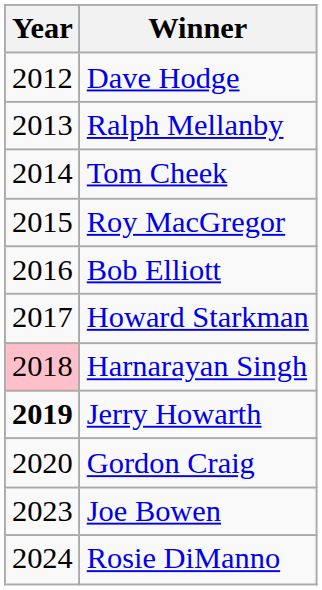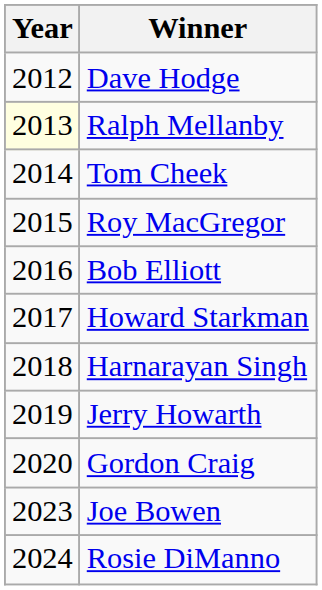 <table class="wikitable sortable">
 <tr>
 <th>Year</th>
 <th>Winner</th>
 </tr>
 <tr>
 <td>2012</td>
 <td><a href='#'>Dave Hodge</a></td>
 </tr>
 <tr>
-<td>2013</td>
+<td style="background: lightyellow;">2013</td>
 <td><a href='#'>Ralph Mellanby</a></td>
 </tr>
 <tr>
 <td>2014</td>
 <td><a href='#'>Tom Cheek</a></td>
 </tr>
 <tr>
 <td>2015</td>
 <td><a href='#'>Roy MacGregor</a></td>
 </tr>
 <tr>
 <td>2016</td>
 <td><a href='#'>Bob Elliott</a></td>
 </tr>
 <tr>
 <td>2017</td>
 <td><a href='#'>Howard Starkman</a></td>
 </tr>
 <tr>
-<td style="background: pink;">2018</td>
+<td>2018</td>
 <td><a href='#'>Harnarayan Singh</a></td>
 </tr>
 <tr>
-<td><strong>2019</strong></td>
+<td>2019</td>
 <td><a href='#'>Jerry Howarth</a></td>
 </tr>
 <tr>
 <td>2020</td>
 <td><a href='#'>Gordon Craig</a></td>
 </tr>
 <tr>
 <td>2023</td>
 <td><a href='#'>Joe Bowen</a></td>
 </tr>
 <tr>
 <td>2024</td>
 <td><a href='#'>Rosie DiManno</a></td>
 </tr>
 </table>
